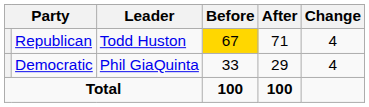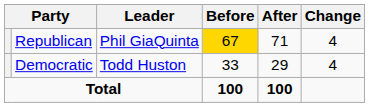 <table class="wikitable" style="text-align:center;">
 <tr>
 </tr>
 <tr>
 <th colspan=2>Party</th>
 <th>Leader</th>
 <th>Before</th>
 <th>After</th>
 <th>Change</th>
 </tr>
 <tr>
 <th style="background-color:"></th>
 <td style="text-align:left;"><a href='#'>Republican</a></td>
-<td style="text-align:left;"><a href='#'>Todd Huston</a></td>
+<td style="text-align:left;"><a href='#'>Phil GiaQuinta</a></td>
 <td style="background: gold;">67</td>
 <td>71</td>
 <td> 4</td>
 </tr>
 <tr>
 <th style="background-color:"></th>
 <td style="text-align:left;"><a href='#'>Democratic</a></td>
-<td style="text-align:left;"><a href='#'>Phil GiaQuinta</a></td>
+<td style="text-align:left;"><a href='#'>Todd Huston</a></td>
 <td>33</td>
 <td>29</td>
 <td> 4</td>
 </tr>
 <tr>
 <td colspan=3><strong>Total</strong></td>
 <td><strong>100</strong></td>
 <td><strong>100</strong></td>
 <td></td>
 </tr>
 </table>
